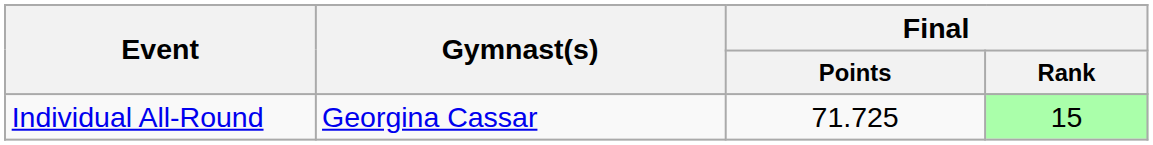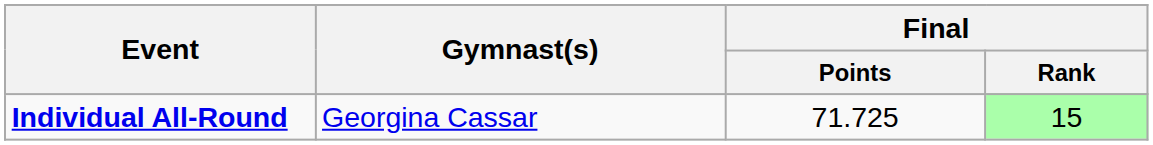 <table class=wikitable style="font-size:90%">
 <tr>
 <th rowspan="2" style="width:150px;">Event</th>
 <th rowspan="2" style="width:200px;">Gymnast(s)</th>
 <th colspan="2" style="width:200px;">Final</th>
 </tr>
 <tr>
 <th style="line-height:1em; width:125px;"><small>Points</small></th>
 <th style="line-height:1em; width:75px;"><small>Rank</small></th>
 </tr>
 <tr>
-<td><a href='#'>Individual All-Round</a></td>
+<td><strong><a href='#'>Individual All-Round</a></strong></td>
 <td><a href='#'>Georgina Cassar</a></td>
 <td style="text-align:center;">71.725</td>
 <td style="text-align:center; background:#afa;">15</td>
 </tr>
 </table>
